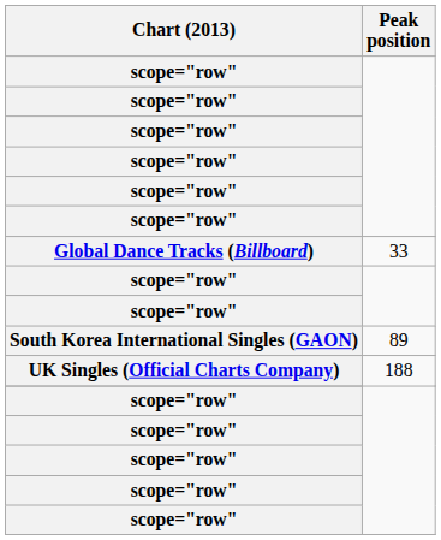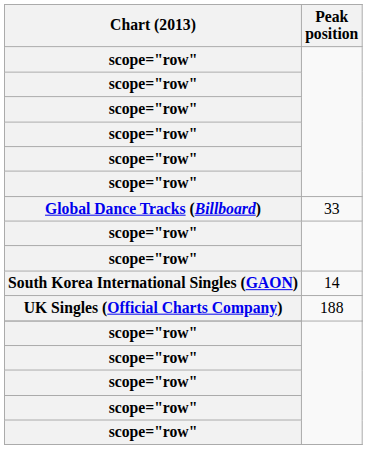 <table class="wikitable sortable plainrowheaders">
 <tr>
 <th scope="col">Chart (2013)</th>
 <th scope="col">Peak<br>position</th>
 </tr>
 <tr>
 <th>scope="row" </th>
 </tr>
 <tr>
 <th>scope="row" </th>
 </tr>
 <tr>
 <th>scope="row" </th>
 </tr>
 <tr>
 <th>scope="row" </th>
 </tr>
 <tr>
 <th>scope="row" </th>
 </tr>
 <tr>
 <th>scope="row" </th>
 </tr>
 <tr>
 <th scope="row"><a href='#'>Global Dance Tracks</a> (<em><a href='#'>Billboard</a></em>)</th>
 <td style="text-align:center;">33</td>
 </tr>
 <tr>
 <th>scope="row" </th>
 </tr>
 <tr>
 <th>scope="row" </th>
 </tr>
 <tr>
 <th scope="row">South Korea International Singles (<a href='#'>GAON</a>)</th>
-<td style="text-align:center;">89</td>
+<td style="text-align:center;">14</td>
 </tr>
 <tr>
 <th scope="row">UK Singles (<a href='#'>Official Charts Company</a>)</th>
 <td style="text-align:center;">188</td>
 </tr>
 <tr>
 </tr>
 <tr>
 <th>scope="row" </th>
 </tr>
 <tr>
 <th>scope="row" </th>
 </tr>
 <tr>
 <th>scope="row" </th>
 </tr>
 <tr>
 <th>scope="row" </th>
 </tr>
 <tr>
 <th>scope="row" </th>
 </tr>
 </table>
